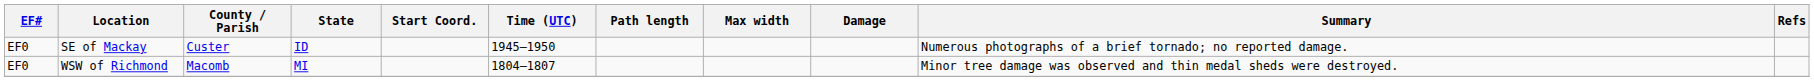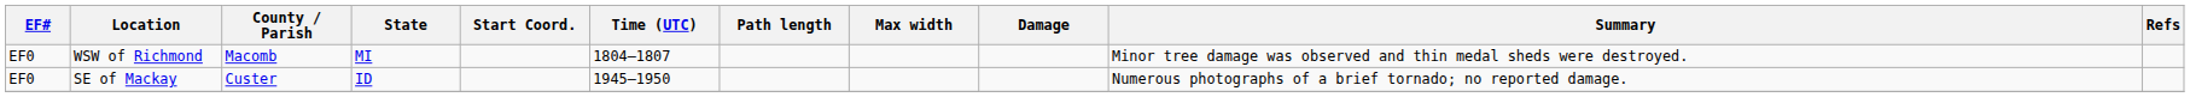 <table class="wikitable sortable" style="width:100%;">
 <tr>
 <th scope="col" width="3%" align="center"><a href='#'>EF#</a></th>
 <th scope="col" width="7%" align="center" class="unsortable">Location</th>
 <th scope="col" width="6%" align="center" class="unsortable">County / Parish</th>
 <th scope="col" width="5%" align="center">State</th>
 <th scope="col" width="6%" align="center">Start Coord.</th>
 <th scope="col" width="6%" align="center">Time (<a href='#'>UTC</a>)</th>
 <th scope="col" width="6%" align="center">Path length</th>
 <th scope="col" width="6%" align="center">Max width</th>
 <th scope="col" width="6%" align="center">Damage</th>
 <th scope="col" width="48%" class="unsortable" align="center">Summary</th>
 <th scope="col" width="48%" class="unsortable" align="center">Refs</th>
 </tr>
 <tr>
 <td>EF0</td>
+<td>WSW of <a href='#'>Richmond</a></td>
+<td><a href='#'>Macomb</a></td>
+<td><a href='#'>MI</a></td>
+<td></td>
+<td>1804–1807</td>
+<td></td>
+<td></td>
+<td></td>
+<td>Minor tree damage was observed and thin medal sheds were destroyed.</td>
+<td></td>
+</tr>
+<tr>
+<td>EF0</td>
 <td>SE of <a href='#'>Mackay</a></td>
 <td><a href='#'>Custer</a></td>
 <td><a href='#'>ID</a></td>
 <td></td>
 <td>1945–1950</td>
 <td></td>
 <td></td>
 <td></td>
 <td>Numerous photographs of a brief tornado; no reported damage.</td>
 <td></td>
 </tr>
 <tr>
-<td>EF0</td>
-<td>WSW of <a href='#'>Richmond</a></td>
-<td><a href='#'>Macomb</a></td>
-<td><a href='#'>MI</a></td>
-<td></td>
-<td>1804–1807</td>
-<td></td>
-<td></td>
-<td></td>
-<td>Minor tree damage was observed and thin medal sheds were destroyed.</td>
-<td></td>
-</tr>
-<tr>
 </tr>
 </table>
